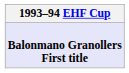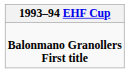 <table class=wikitable style="text-align:center; margin:auto">
 <tr>
 <th>1993–94 <a href='#'>EHF Cup</a></th>
 </tr>
 <tr>
-<td style="background: lavender;"><br> <strong>Balonmano Granollers</strong> <br> <strong>First title</strong></td>
+<td><br> <strong>Balonmano Granollers</strong> <br> <strong>First title</strong></td>
 </tr>
 </table>
